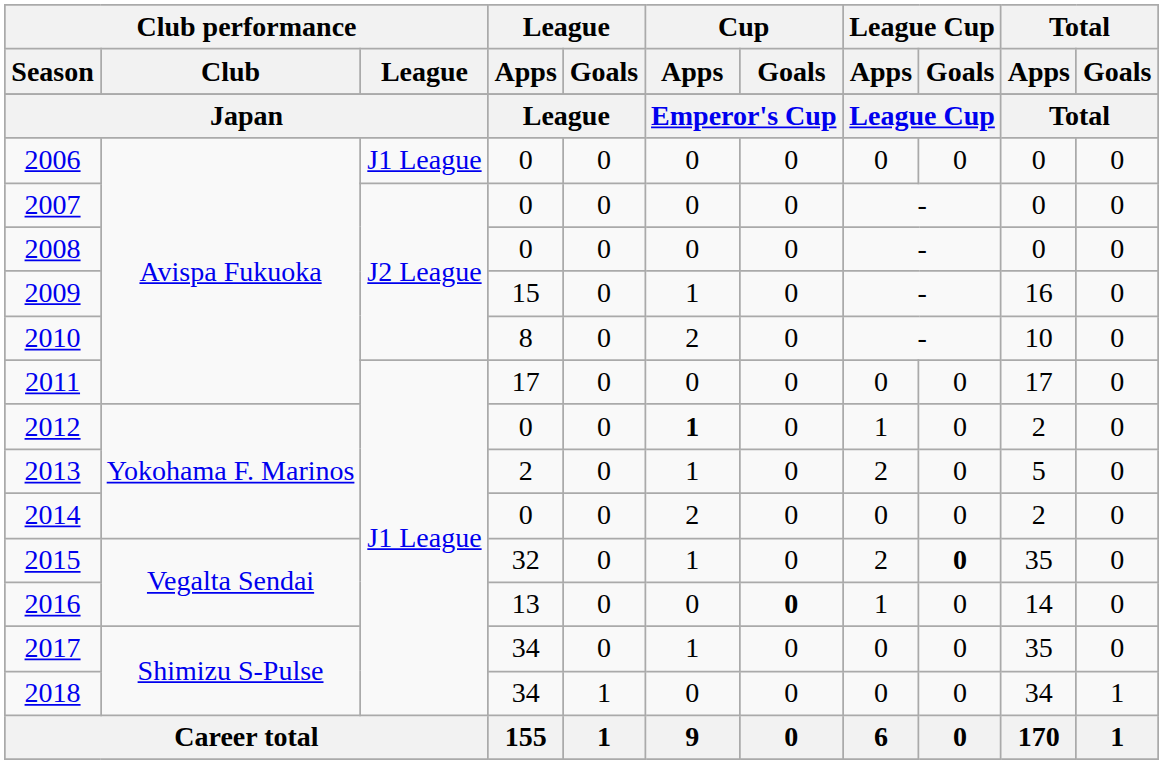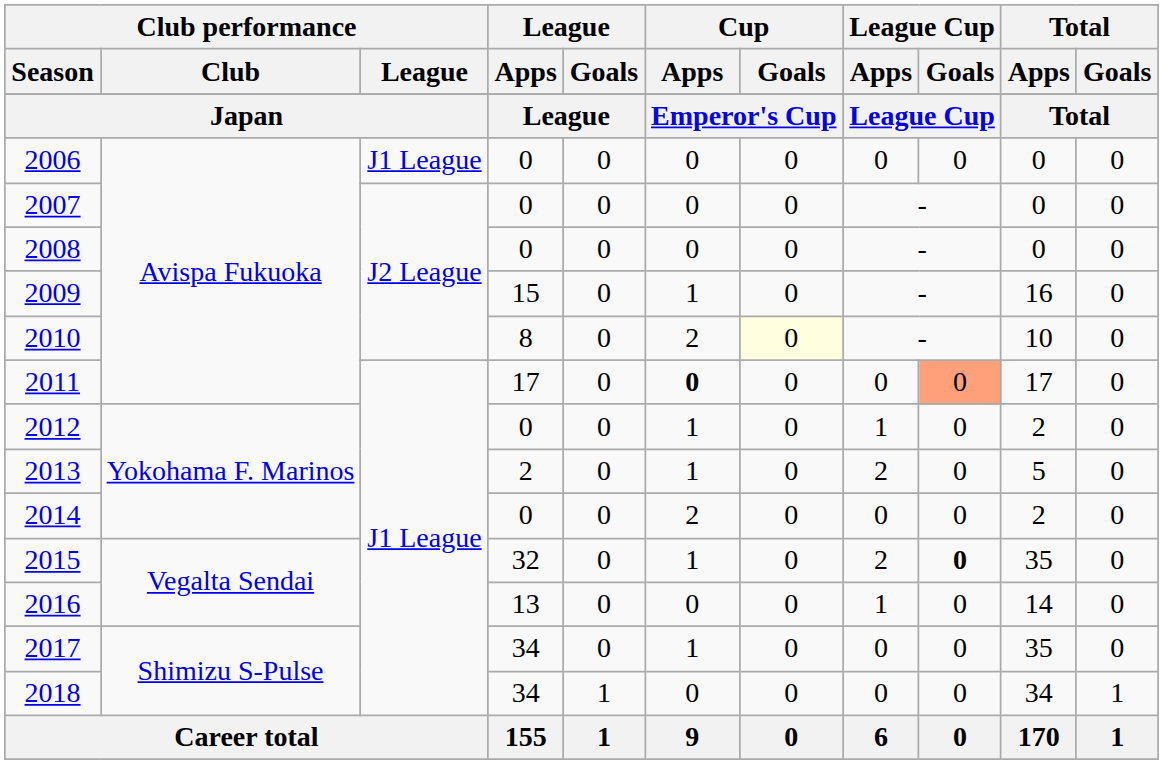 <table class="wikitable" style="text-align:center">
 <tr>
 <th colspan=3>Club performance</th>
 <th colspan=2>League</th>
 <th colspan=2>Cup</th>
 <th colspan=2>League Cup</th>
 <th colspan=2>Total</th>
 </tr>
 <tr>
 <th>Season</th>
 <th>Club</th>
 <th>League</th>
 <th>Apps</th>
 <th>Goals</th>
 <th>Apps</th>
 <th>Goals</th>
 <th>Apps</th>
 <th>Goals</th>
 <th>Apps</th>
 <th>Goals</th>
 </tr>
 <tr>
 </tr>
 <tr>
 <th colspan=3>Japan</th>
 <th colspan=2>League</th>
 <th colspan=2><a href='#'>Emperor's Cup</a></th>
 <th colspan=2><a href='#'>League Cup</a></th>
 <th colspan=2>Total</th>
 </tr>
 <tr>
 <td><a href='#'>2006</a></td>
 <td rowspan="6"><a href='#'>Avispa Fukuoka</a></td>
 <td><a href='#'>J1 League</a></td>
 <td>0</td>
 <td>0</td>
 <td>0</td>
 <td>0</td>
 <td>0</td>
 <td>0</td>
 <td>0</td>
 <td>0</td>
 </tr>
 <tr>
 <td><a href='#'>2007</a></td>
 <td rowspan="4"><a href='#'>J2 League</a></td>
 <td>0</td>
 <td>0</td>
 <td>0</td>
 <td>0</td>
 <td colspan="2">-</td>
 <td>0</td>
 <td>0</td>
 </tr>
 <tr>
 <td><a href='#'>2008</a></td>
 <td>0</td>
 <td>0</td>
 <td>0</td>
 <td>0</td>
 <td colspan="2">-</td>
 <td>0</td>
 <td>0</td>
 </tr>
 <tr>
 <td><a href='#'>2009</a></td>
 <td>15</td>
 <td>0</td>
 <td>1</td>
 <td>0</td>
 <td colspan="2">-</td>
 <td>16</td>
 <td>0</td>
 </tr>
 <tr>
 <td><a href='#'>2010</a></td>
 <td>8</td>
 <td>0</td>
 <td>2</td>
-<td>0</td>
+<td style="background: lightyellow;">0</td>
 <td colspan="2">-</td>
 <td>10</td>
 <td>0</td>
 </tr>
 <tr>
 <td><a href='#'>2011</a></td>
 <td rowspan="8"><a href='#'>J1 League</a></td>
 <td>17</td>
 <td>0</td>
+<td><strong>0</strong></td>
 <td>0</td>
 <td>0</td>
-<td>0</td>
-<td>0</td>
+<td style="background: lightsalmon;">0</td>
 <td>17</td>
 <td>0</td>
 </tr>
 <tr>
 <td><a href='#'>2012</a></td>
 <td rowspan="3"><a href='#'>Yokohama F. Marinos</a></td>
 <td>0</td>
 <td>0</td>
-<td><strong>1</strong></td>
+<td>1</td>
 <td>0</td>
 <td>1</td>
 <td>0</td>
 <td>2</td>
 <td>0</td>
 </tr>
 <tr>
 <td><a href='#'>2013</a></td>
 <td>2</td>
 <td>0</td>
 <td>1</td>
 <td>0</td>
 <td>2</td>
 <td>0</td>
 <td>5</td>
 <td>0</td>
 </tr>
 <tr>
 <td><a href='#'>2014</a></td>
 <td>0</td>
 <td>0</td>
 <td>2</td>
 <td>0</td>
 <td>0</td>
 <td>0</td>
 <td>2</td>
 <td>0</td>
 </tr>
 <tr>
 <td><a href='#'>2015</a></td>
 <td rowspan="2"><a href='#'>Vegalta Sendai</a></td>
 <td>32</td>
 <td>0</td>
 <td>1</td>
 <td>0</td>
 <td>2</td>
 <td><strong>0</strong></td>
 <td>35</td>
 <td>0</td>
 </tr>
 <tr>
 <td><a href='#'>2016</a></td>
 <td>13</td>
 <td>0</td>
 <td>0</td>
-<td><strong>0</strong></td>
+<td>0</td>
 <td>1</td>
 <td>0</td>
 <td>14</td>
 <td>0</td>
 </tr>
 <tr>
 <td><a href='#'>2017</a></td>
 <td rowspan="2"><a href='#'>Shimizu S-Pulse</a></td>
 <td>34</td>
 <td>0</td>
 <td>1</td>
 <td>0</td>
 <td>0</td>
 <td>0</td>
 <td>35</td>
 <td>0</td>
 </tr>
 <tr>
 <td><a href='#'>2018</a></td>
 <td>34</td>
 <td>1</td>
 <td>0</td>
 <td>0</td>
 <td>0</td>
 <td>0</td>
 <td>34</td>
 <td>1</td>
 </tr>
 <tr>
 <th colspan=3>Career total</th>
 <th>155</th>
 <th>1</th>
 <th>9</th>
 <th>0</th>
 <th>6</th>
 <th>0</th>
 <th>170</th>
 <th>1</th>
 </tr>
 </table>
